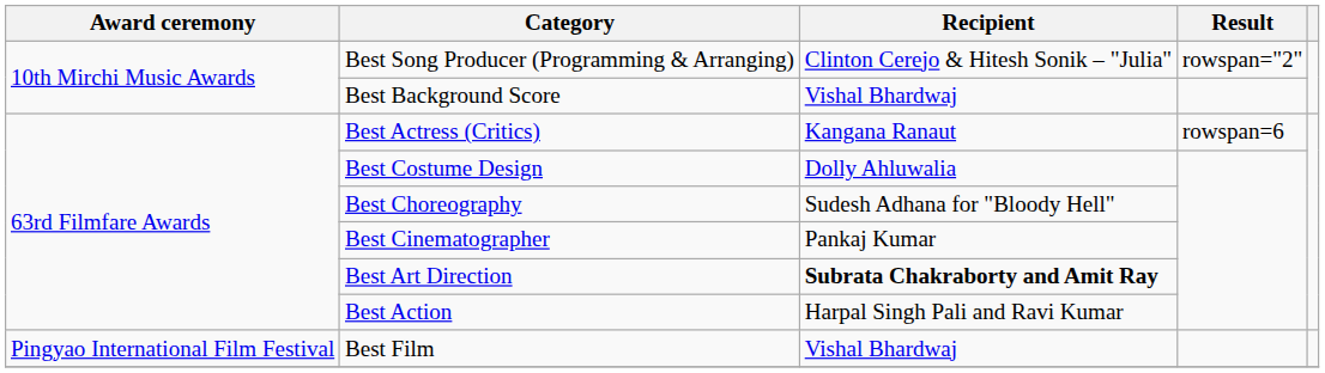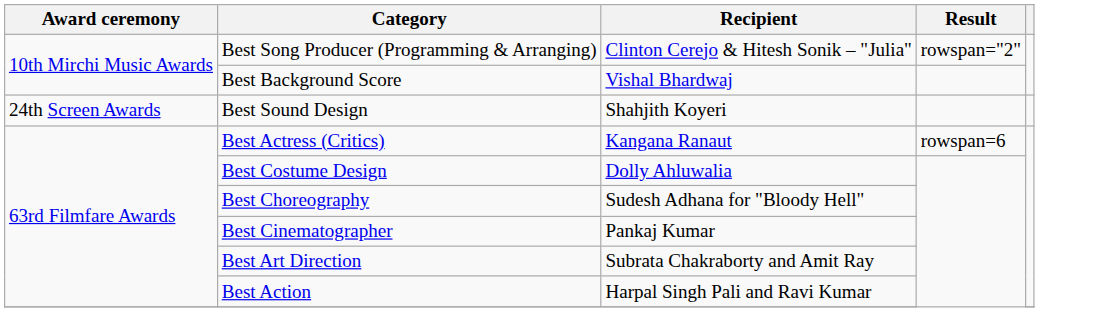 <table class="wikitable">
 <tr>
 <th>Award ceremony</th>
 <th>Category</th>
 <th>Recipient</th>
 <th>Result</th>
 <th></th>
 </tr>
 <tr>
 <td rowspan="2"><a href='#'>10th Mirchi Music Awards</a></td>
 <td>Best Song Producer (Programming & Arranging)</td>
 <td><a href='#'>Clinton Cerejo</a> & Hitesh Sonik – "Julia"</td>
 <td>rowspan="2" </td>
 <td rowspan="2"></td>
 </tr>
 <tr>
 <td>Best Background Score</td>
 <td><a href='#'>Vishal Bhardwaj</a></td>
+</tr>
+<tr>
+<td>24th <a href='#'>Screen Awards</a></td>
+<td>Best Sound Design</td>
+<td>Shahjith Koyeri</td>
+<td></td>
+<td></td>
 </tr>
 <tr>
 <td rowspan=6><a href='#'>63rd Filmfare Awards</a></td>
 <td><a href='#'>Best Actress (Critics)</a></td>
 <td><a href='#'>Kangana Ranaut</a></td>
 <td>rowspan=6 </td>
 <td rowspan=6></td>
 </tr>
 <tr>
 <td><a href='#'>Best Costume Design</a></td>
 <td><a href='#'>Dolly Ahluwalia</a></td>
 </tr>
 <tr>
 <td><a href='#'>Best Choreography</a></td>
 <td>Sudesh Adhana for "Bloody Hell"</td>
 </tr>
 <tr>
 <td><a href='#'>Best Cinematographer</a></td>
 <td>Pankaj Kumar</td>
 </tr>
 <tr>
 <td><a href='#'>Best Art Direction</a></td>
-<td><strong>Subrata Chakraborty and Amit Ray</strong></td>
+<td>Subrata Chakraborty and Amit Ray</td>
 </tr>
 <tr>
 <td><a href='#'>Best Action</a></td>
 <td>Harpal Singh Pali and Ravi Kumar</td>
 </tr>
 <tr>
-<td><a href='#'>Pingyao International Film Festival</a></td>
-<td>Best Film</td>
-<td><a href='#'>Vishal Bhardwaj</a></td>
-<td></td>
-<td></td>
-</tr>
-<tr>
 </tr>
 </table>
